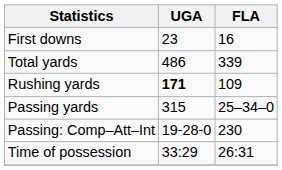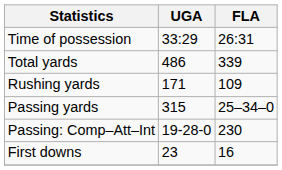 <table class="wikitable" style="float: left;">
 <tr>
 <th>Statistics</th>
 <th>UGA</th>
 <th>FLA</th>
 </tr>
 <tr>
-<td>First downs</td>
-<td>23</td>
-<td>16</td>
+<td>Time of possession</td>
+<td>33:29</td>
+<td>26:31</td>
 </tr>
 <tr>
 <td>Total yards</td>
 <td>486</td>
 <td>339</td>
 </tr>
 <tr>
 <td>Rushing yards</td>
-<td><strong>171</strong></td>
+<td>171</td>
 <td>109</td>
 </tr>
 <tr>
 <td>Passing yards</td>
 <td>315</td>
 <td>25–34–0</td>
 </tr>
 <tr>
 <td>Passing: Comp–Att–Int</td>
 <td>19-28-0</td>
 <td>230</td>
 </tr>
 <tr>
-<td>Time of possession</td>
-<td>33:29</td>
-<td>26:31</td>
+<td>First downs</td>
+<td>23</td>
+<td>16</td>
 </tr>
 <tr>
 </tr>
 </table>
